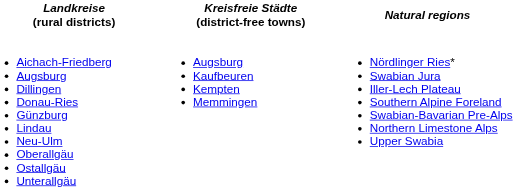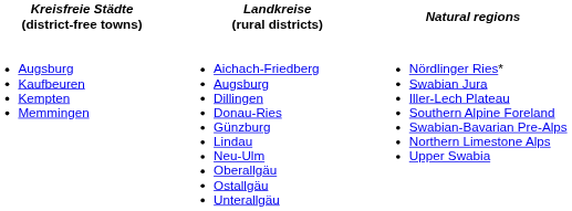 <table>
 <tr>
+<th width=33%><em>Kreisfreie Städte</em><br>(district-free towns)</th>
 <th width=33%><em>Landkreise</em><br>(rural districts)</th>
-<th width=33%><em>Kreisfreie Städte</em><br>(district-free towns)</th>
 <th width=33%><em>Natural regions</em></th>
 </tr>
 <tr valign=top>
+<td><br><ul><li><a href='#'>Augsburg</a></li><li><a href='#'>Kaufbeuren</a></li><li><a href='#'>Kempten</a></li><li><a href='#'>Memmingen</a></li></ul></td>
 <td><br><ul><li><a href='#'>Aichach-Friedberg</a></li><li><a href='#'>Augsburg</a></li><li><a href='#'>Dillingen</a></li><li><a href='#'>Donau-Ries</a></li><li><a href='#'>Günzburg</a></li><li><a href='#'>Lindau</a></li><li><a href='#'>Neu-Ulm</a></li><li><a href='#'>Oberallgäu</a></li><li><a href='#'>Ostallgäu</a></li><li><a href='#'>Unterallgäu</a></li></ul></td>
-<td><br><ul><li><a href='#'>Augsburg</a></li><li><a href='#'>Kaufbeuren</a></li><li><a href='#'>Kempten</a></li><li><a href='#'>Memmingen</a></li></ul></td>
 <td><br><ul><li><a href='#'>Nördlinger Ries</a>*</li><li><a href='#'>Swabian Jura</a></li><li><a href='#'>Iller-Lech Plateau</a></li><li><a href='#'>Southern Alpine Foreland</a></li><li><a href='#'>Swabian-Bavarian Pre-Alps</a></li><li><a href='#'>Northern Limestone Alps</a></li><li><a href='#'>Upper Swabia</a></li></ul></td>
 </tr>
 </table>
